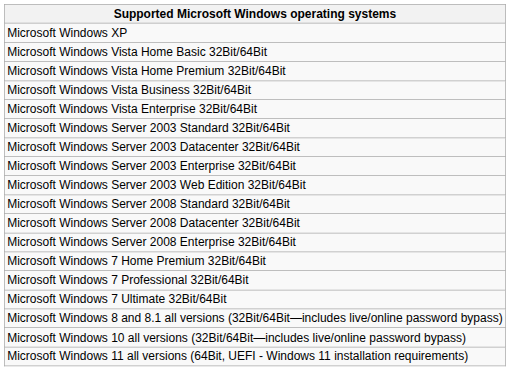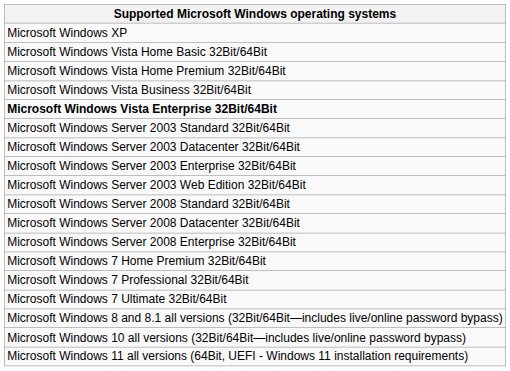 <table class="wikitable">
 <tr>
 <th>Supported Microsoft Windows operating systems</th>
 </tr>
 <tr>
 <td>Microsoft Windows XP</td>
 </tr>
 <tr>
 <td>Microsoft Windows Vista Home Basic 32Bit/64Bit</td>
 </tr>
 <tr>
 <td>Microsoft Windows Vista Home Premium 32Bit/64Bit    </td>
 </tr>
 <tr>
 <td>Microsoft Windows Vista Business 32Bit/64Bit    </td>
 </tr>
 <tr>
-<td>Microsoft Windows Vista Enterprise 32Bit/64Bit    </td>
+<td><strong>Microsoft Windows Vista Enterprise 32Bit/64Bit    </strong></td>
 </tr>
 <tr>
 <td>Microsoft Windows Server 2003 Standard 32Bit/64Bit    </td>
 </tr>
 <tr>
 <td>Microsoft Windows Server 2003 Datacenter 32Bit/64Bit    </td>
 </tr>
 <tr>
 <td>Microsoft Windows Server 2003 Enterprise 32Bit/64Bit    </td>
 </tr>
 <tr>
 <td>Microsoft Windows Server 2003 Web Edition 32Bit/64Bit    </td>
 </tr>
 <tr>
 <td>Microsoft Windows Server 2008 Standard 32Bit/64Bit    </td>
 </tr>
 <tr>
 <td>Microsoft Windows Server 2008 Datacenter 32Bit/64Bit    </td>
 </tr>
 <tr>
 <td>Microsoft Windows Server 2008 Enterprise 32Bit/64Bit    </td>
 </tr>
 <tr>
 <td>Microsoft Windows 7 Home Premium 32Bit/64Bit    </td>
 </tr>
 <tr>
 <td>Microsoft Windows 7 Professional 32Bit/64Bit    </td>
 </tr>
 <tr>
 <td>Microsoft Windows 7 Ultimate 32Bit/64Bit    </td>
 </tr>
 <tr>
 <td>Microsoft Windows 8 and 8.1 all versions (32Bit/64Bit—includes live/online password bypass)</td>
 </tr>
 <tr>
 <td>Microsoft Windows 10 all versions (32Bit/64Bit—includes live/online password bypass)</td>
 </tr>
 <tr>
 <td>Microsoft Windows 11 all versions (64Bit, UEFI - Windows 11 installation requirements)</td>
 </tr>
 </table>
